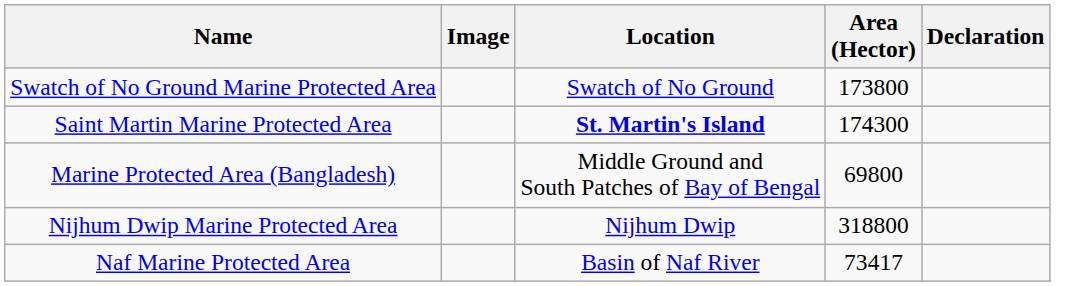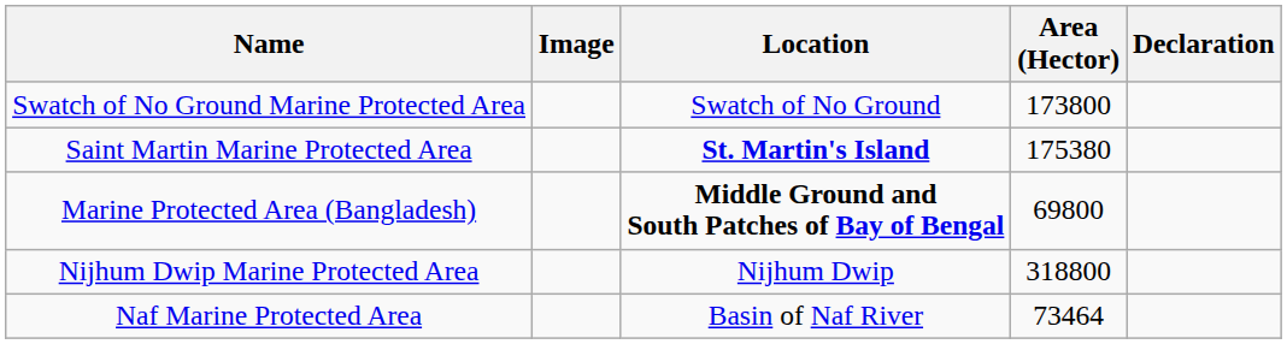 <table class="wikitable sortable sticky-header static-row-numbers static-row-header-hash" style="text-align:center">
 <tr>
 <th>Name</th>
 <th class="unsortable">Image</th>
 <th>Location</th>
 <th>Area<br>(Hector)</th>
 <th>Declaration</th>
 </tr>
 <tr>
 <td><a href='#'>Swatch of No Ground Marine Protected Area</a></td>
 <td></td>
 <td><a href='#'>Swatch of No Ground</a></td>
 <td>173800</td>
 <td></td>
 </tr>
 <tr>
 <td><a href='#'>Saint Martin Marine Protected Area</a></td>
 <td></td>
 <td><strong><a href='#'>St. Martin's Island</a></strong></td>
-<td>174300</td>
+<td>175380</td>
 <td></td>
 </tr>
 <tr>
 <td><a href='#'>Marine Protected Area (Bangladesh)</a></td>
 <td></td>
-<td>Middle Ground and<br>South Patches of <a href='#'>Bay of Bengal</a></td>
+<td><strong>Middle Ground and<br>South Patches of <a href='#'>Bay of Bengal</a></strong></td>
 <td>69800</td>
 <td></td>
 </tr>
 <tr>
 <td><a href='#'>Nijhum Dwip Marine Protected Area</a></td>
 <td></td>
 <td><a href='#'>Nijhum Dwip</a></td>
 <td>318800</td>
 <td></td>
 </tr>
 <tr>
 <td><a href='#'>Naf Marine Protected Area</a></td>
 <td></td>
 <td><a href='#'>Basin</a> of <a href='#'>Naf River</a></td>
-<td>73417</td>
+<td>73464</td>
 <td></td>
 </tr>
 </table>
